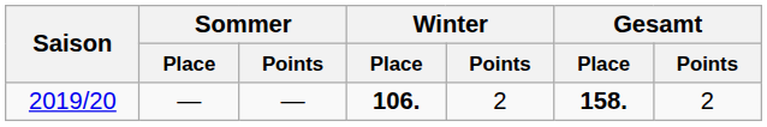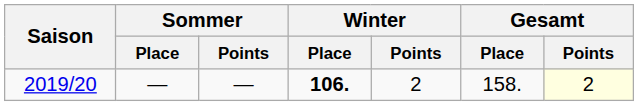 <table class="wikitable" style="text-align:center; width:500px;">
 <tr>
 <th rowspan="2" style="width:2%;">Saison</th>
 <th colspan="2">Sommer</th>
 <th colspan="2">Winter</th>
 <th colspan="2">Gesamt</th>
 </tr>
 <tr class="backgroundcolor5">
 <th style="width:2%;"><small>Place</small></th>
 <th style="width:2%;"><small>Points</small></th>
 <th style="width:2%;"><small>Place</small></th>
 <th style="width:2%;"><small>Points</small></th>
 <th style="width:2%;"><small>Place</small></th>
 <th style="width:2%;"><small>Points</small></th>
 </tr>
 <tr>
 <td><a href='#'>2019/20</a></td>
 <td>—</td>
 <td>—</td>
 <td><strong>106.</strong></td>
 <td>2</td>
-<td><strong>158.</strong></td>
-<td>2</td>
+<td>158.</td>
+<td style="background: lightyellow;">2</td>
 </tr>
 </table>
